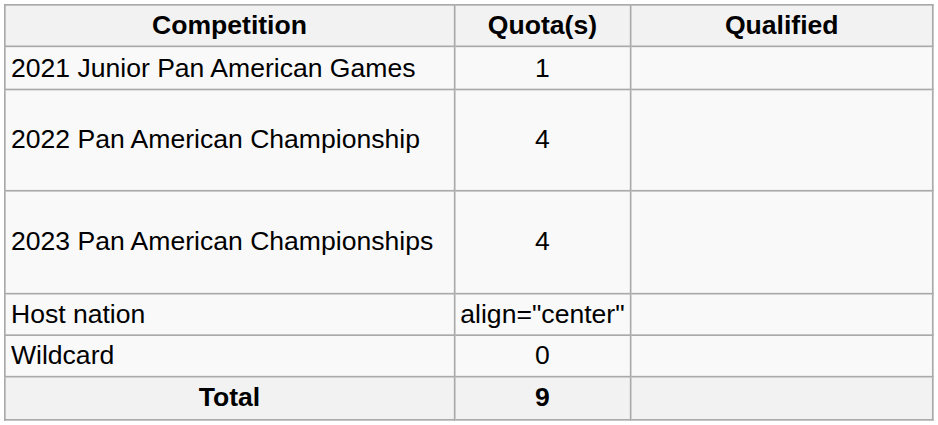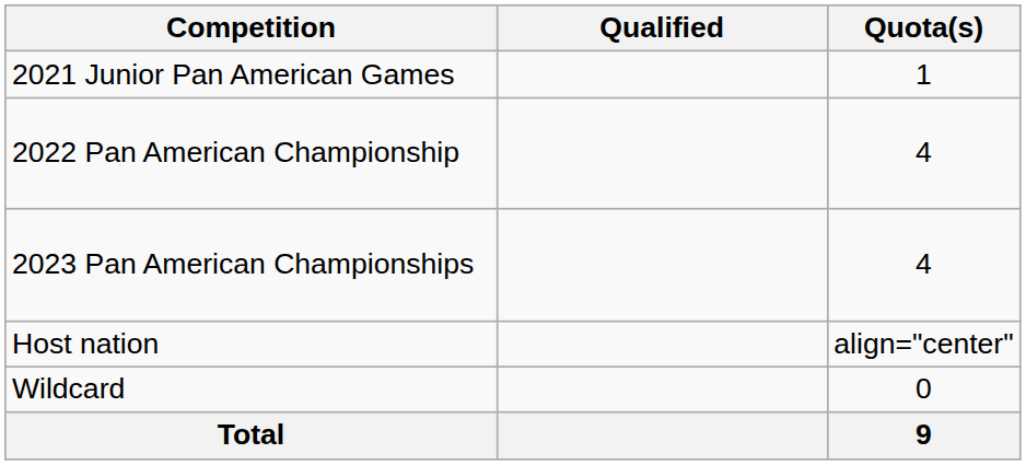 <table class = "wikitable" width=560>
 <tr>
 <th width=300>Competition</th>
+<th width=200>Qualified</th>
 <th width=80>Quota(s)</th>
-<th width=200>Qualified</th>
 </tr>
 <tr>
 <td>2021 Junior Pan American Games</td>
+<td></td>
 <td align="center">1</td>
-<td></td>
 </tr>
 <tr>
 <td>2022 Pan American Championship</td>
+<td><br><br><br></td>
 <td align="center">4</td>
-<td><br><br><br></td>
 </tr>
 <tr>
 <td>2023 Pan American Championships</td>
+<td><br><br><br></td>
 <td align="center">4</td>
-<td><br><br><br></td>
 </tr>
 <tr>
 <td>Host nation</td>
+<td></td>
 <td>align="center" </td>
-<td></td>
 </tr>
 <tr>
 <td>Wildcard</td>
+<td></td>
 <td align="center">0</td>
-<td></td>
 </tr>
 <tr>
 <th>Total</th>
+<th></th>
 <th>9</th>
-<th></th>
 </tr>
 </table>
